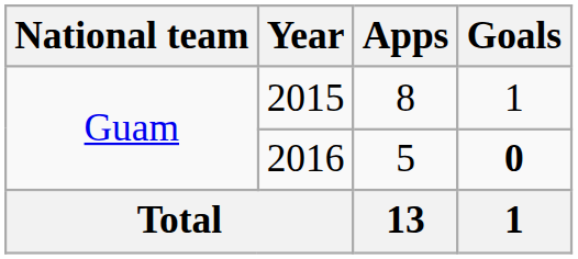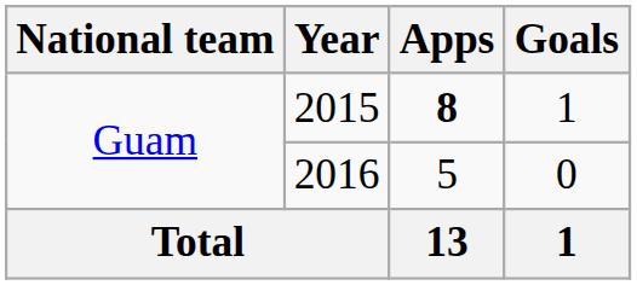 <table class=wikitable style=text-align:center>
 <tr>
 <th>National team</th>
 <th>Year</th>
 <th>Apps</th>
 <th>Goals</th>
 </tr>
 <tr>
 <td rowspan=2><a href='#'>Guam</a></td>
 <td>2015</td>
-<td>8</td>
+<td><strong>8</strong></td>
 <td>1</td>
 </tr>
 <tr>
 <td>2016</td>
 <td>5</td>
-<td><strong>0</strong></td>
+<td>0</td>
 </tr>
 <tr>
 <th colspan=2>Total</th>
 <th>13</th>
 <th>1</th>
 </tr>
 </table>
